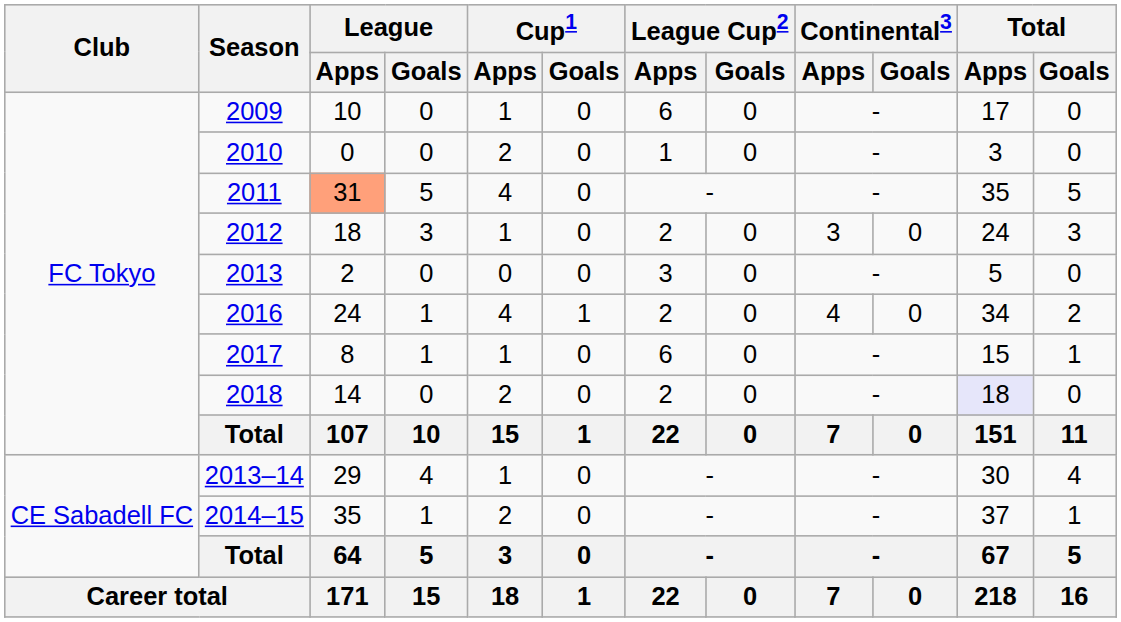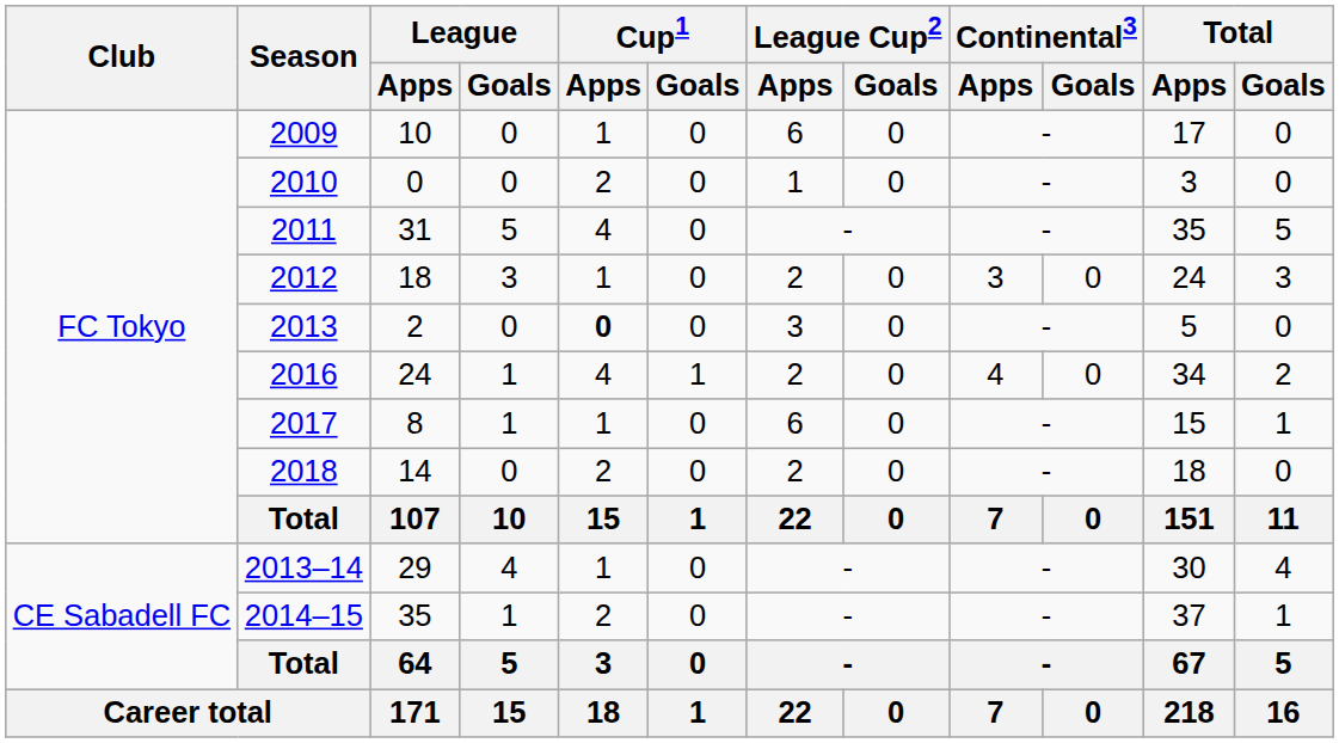 <table class="wikitable" style="text-align:center;">
 <tr>
 <th rowspan="2">Club</th>
 <th rowspan="2">Season</th>
 <th colspan="2">League</th>
 <th colspan="2">Cup<sup><a href='#'>1</a></sup></th>
 <th colspan="2">League Cup<sup><a href='#'>2</a></sup></th>
 <th colspan="2">Continental<sup><a href='#'>3</a></sup></th>
 <th colspan="2">Total</th>
 </tr>
 <tr>
 <th>Apps</th>
 <th>Goals</th>
 <th>Apps</th>
 <th>Goals</th>
 <th>Apps</th>
 <th>Goals</th>
 <th>Apps</th>
 <th>Goals</th>
 <th>Apps</th>
 <th>Goals</th>
 </tr>
 <tr>
 <td rowspan="9"><a href='#'>FC Tokyo</a></td>
 <td><a href='#'>2009</a></td>
 <td>10</td>
 <td>0</td>
 <td>1</td>
 <td>0</td>
 <td>6</td>
 <td>0</td>
 <td colspan="2">-</td>
 <td>17</td>
 <td>0</td>
 </tr>
 <tr>
 <td><a href='#'>2010</a></td>
 <td>0</td>
 <td>0</td>
 <td>2</td>
 <td>0</td>
 <td>1</td>
 <td>0</td>
 <td colspan="2">-</td>
 <td>3</td>
 <td>0</td>
 </tr>
 <tr>
 <td><a href='#'>2011</a></td>
-<td style="background: lightsalmon;">31</td>
+<td>31</td>
 <td>5</td>
 <td>4</td>
 <td>0</td>
 <td colspan="2">-</td>
 <td colspan="2">-</td>
 <td>35</td>
 <td>5</td>
 </tr>
 <tr>
 <td><a href='#'>2012</a></td>
 <td>18</td>
 <td>3</td>
 <td>1</td>
 <td>0</td>
 <td>2</td>
 <td>0</td>
 <td>3</td>
 <td>0</td>
 <td>24</td>
 <td>3</td>
 </tr>
 <tr>
 <td><a href='#'>2013</a></td>
 <td>2</td>
 <td>0</td>
-<td>0</td>
+<td><strong>0</strong></td>
 <td>0</td>
 <td>3</td>
 <td>0</td>
 <td colspan="2">-</td>
 <td>5</td>
 <td>0</td>
 </tr>
 <tr>
 <td><a href='#'>2016</a></td>
 <td>24</td>
 <td>1</td>
 <td>4</td>
 <td>1</td>
 <td>2</td>
 <td>0</td>
 <td>4</td>
 <td>0</td>
 <td>34</td>
 <td>2</td>
 </tr>
 <tr>
 <td><a href='#'>2017</a></td>
 <td>8</td>
 <td>1</td>
 <td>1</td>
 <td>0</td>
 <td>6</td>
 <td>0</td>
 <td colspan="2">-</td>
 <td>15</td>
 <td>1</td>
 </tr>
 <tr>
 <td><a href='#'>2018</a></td>
 <td>14</td>
 <td>0</td>
 <td>2</td>
 <td>0</td>
 <td>2</td>
 <td>0</td>
 <td colspan="2">-</td>
-<td style="background: lavender;">18</td>
+<td>18</td>
 <td>0</td>
 </tr>
 <tr>
 <th colspan="1">Total</th>
 <th>107</th>
 <th>10</th>
 <th>15</th>
 <th>1</th>
 <th>22</th>
 <th>0</th>
 <th>7</th>
 <th>0</th>
 <th>151</th>
 <th>11</th>
 </tr>
 <tr>
 <td rowspan="3"><a href='#'>CE Sabadell FC</a></td>
 <td><a href='#'>2013–14</a></td>
 <td>29</td>
 <td>4</td>
 <td>1</td>
 <td>0</td>
 <td colspan="2">-</td>
 <td colspan="2">-</td>
 <td>30</td>
 <td>4</td>
 </tr>
 <tr>
 <td><a href='#'>2014–15</a></td>
 <td>35</td>
 <td>1</td>
 <td>2</td>
 <td>0</td>
 <td colspan="2">-</td>
 <td colspan="2">-</td>
 <td>37</td>
 <td>1</td>
 </tr>
 <tr>
 <th colspan="1">Total</th>
 <th>64</th>
 <th>5</th>
 <th>3</th>
 <th>0</th>
 <th colspan="2">-</th>
 <th colspan="2">-</th>
 <th>67</th>
 <th>5</th>
 </tr>
 <tr>
 <th colspan=2>Career total</th>
 <th>171</th>
 <th>15</th>
 <th>18</th>
 <th>1</th>
 <th>22</th>
 <th>0</th>
 <th>7</th>
 <th>0</th>
 <th>218</th>
 <th>16</th>
 </tr>
 </table>
